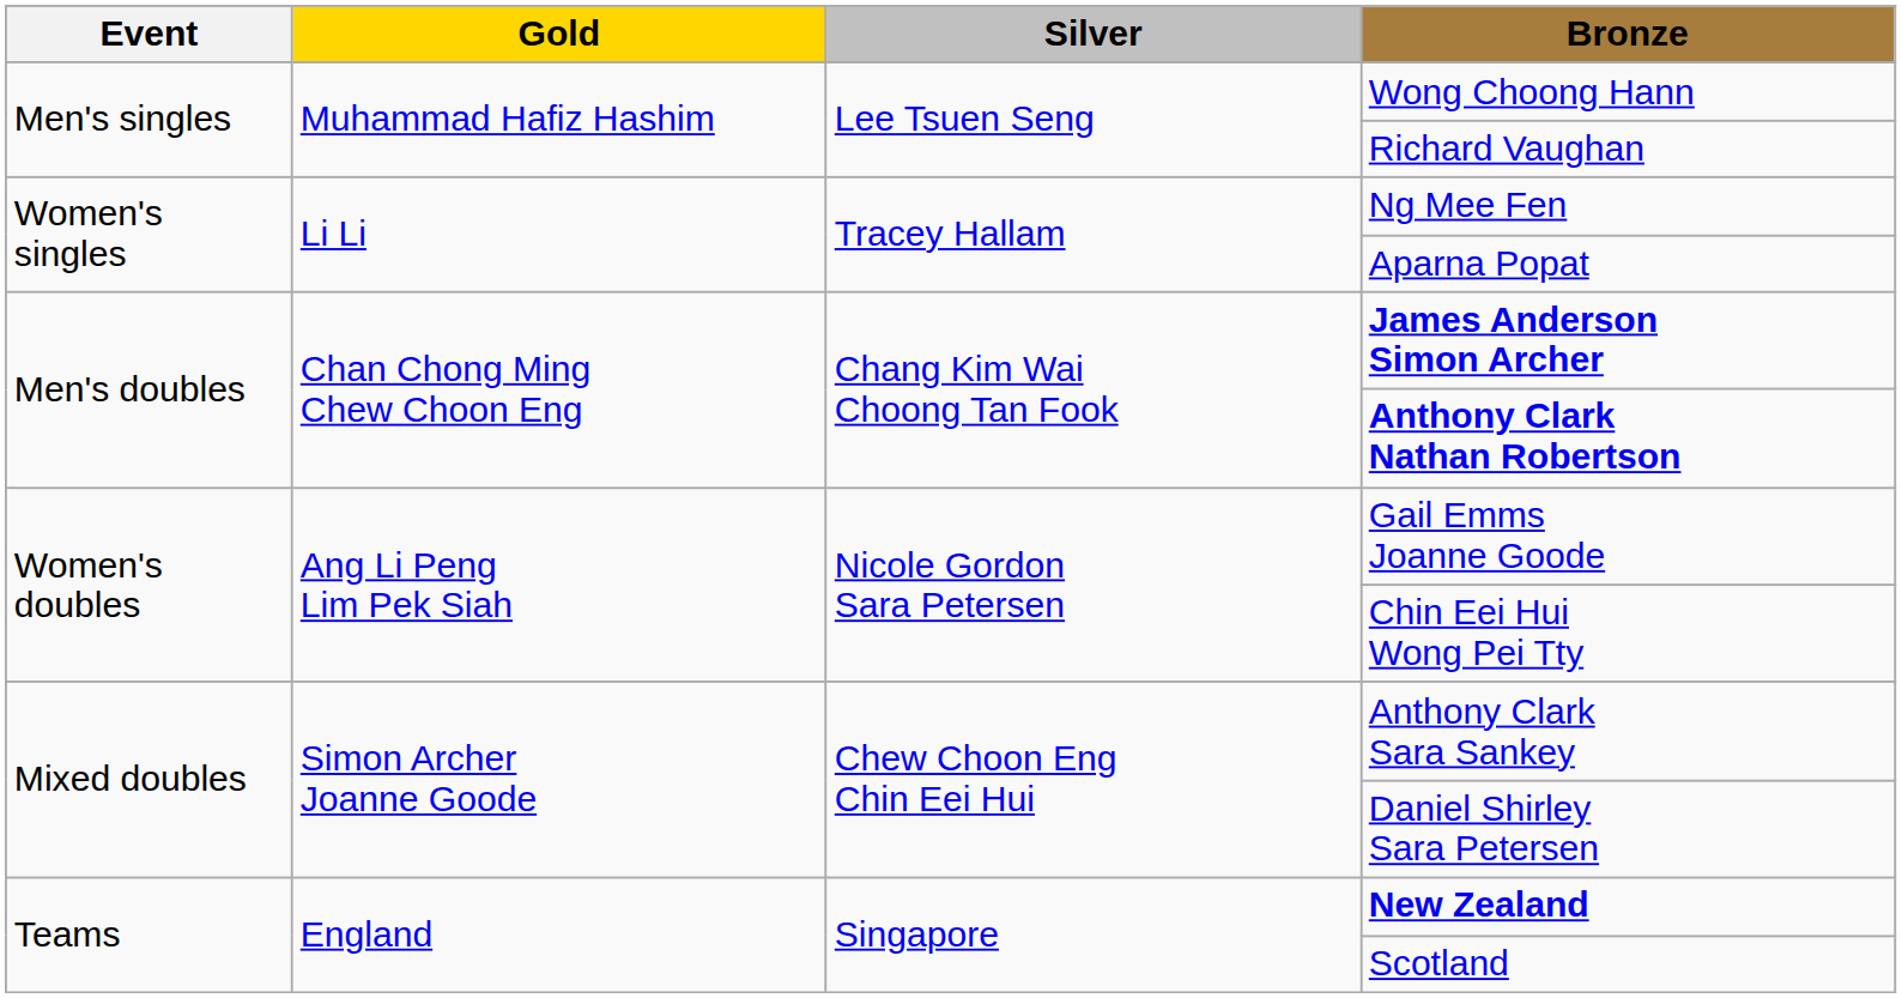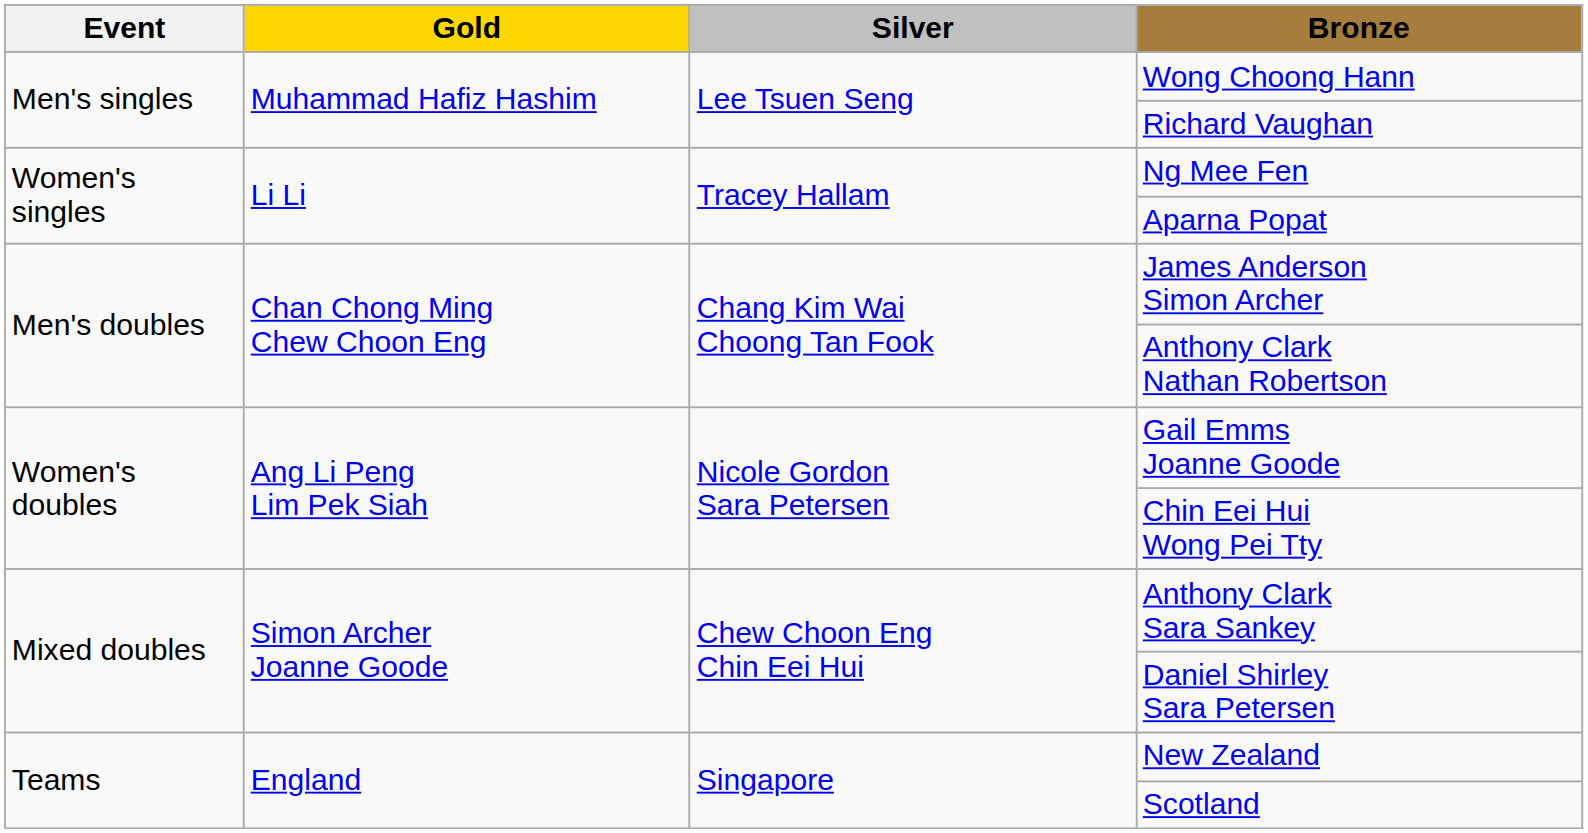 <table class="wikitable" style="width:95%;">
 <tr>
 <th style="width:15%;"><strong>Event</strong></th>
 <th style="background:gold; width:28%;">Gold</th>
 <th style="background:silver; width:28%;">Silver</th>
 <th style="background:#a67d3d; width:28%;">Bronze</th>
 </tr>
 <tr>
 <td rowspan="2">Men's singles</td>
 <td rowspan="2"> <a href='#'>Muhammad Hafiz Hashim</a></td>
 <td rowspan="2"> <a href='#'>Lee Tsuen Seng</a></td>
 <td> <a href='#'>Wong Choong Hann</a></td>
 </tr>
 <tr>
 <td> <a href='#'>Richard Vaughan</a></td>
 </tr>
 <tr>
 <td rowspan="2">Women's singles</td>
 <td rowspan="2"> <a href='#'>Li Li</a></td>
 <td rowspan="2"> <a href='#'>Tracey Hallam</a></td>
 <td> <a href='#'>Ng Mee Fen</a></td>
 </tr>
 <tr>
 <td> <a href='#'>Aparna Popat</a></td>
 </tr>
 <tr>
 <td rowspan="2">Men's doubles</td>
 <td rowspan="2"> <a href='#'>Chan Chong Ming</a> <br>  <a href='#'>Chew Choon Eng</a></td>
 <td rowspan="2"> <a href='#'>Chang Kim Wai</a> <br>  <a href='#'>Choong Tan Fook</a></td>
-<td><strong> <a href='#'>James Anderson</a> <br>  <a href='#'>Simon Archer</a></strong></td>
+<td> <a href='#'>James Anderson</a> <br>  <a href='#'>Simon Archer</a></td>
 </tr>
 <tr>
-<td><strong> <a href='#'>Anthony Clark</a> <br>  <a href='#'>Nathan Robertson</a></strong></td>
+<td> <a href='#'>Anthony Clark</a> <br>  <a href='#'>Nathan Robertson</a></td>
 </tr>
 <tr>
 <td rowspan="2">Women's doubles</td>
 <td rowspan="2"> <a href='#'>Ang Li Peng</a> <br>  <a href='#'>Lim Pek Siah</a></td>
 <td rowspan="2"> <a href='#'>Nicole Gordon</a> <br>  <a href='#'>Sara Petersen</a></td>
 <td> <a href='#'>Gail Emms</a> <br>  <a href='#'>Joanne Goode</a></td>
 </tr>
 <tr>
 <td> <a href='#'>Chin Eei Hui</a> <br>  <a href='#'>Wong Pei Tty</a></td>
 </tr>
 <tr>
 <td rowspan="2">Mixed doubles</td>
 <td rowspan="2"> <a href='#'>Simon Archer</a> <br>  <a href='#'>Joanne Goode</a></td>
 <td rowspan="2"> <a href='#'>Chew Choon Eng</a> <br>  <a href='#'>Chin Eei Hui</a></td>
 <td> <a href='#'>Anthony Clark</a> <br>  <a href='#'>Sara Sankey</a></td>
 </tr>
 <tr>
 <td> <a href='#'>Daniel Shirley</a> <br>  <a href='#'>Sara Petersen</a></td>
 </tr>
 <tr>
 <td rowspan="2">Teams</td>
 <td rowspan="2"> <a href='#'>England</a></td>
 <td rowspan="2"> <a href='#'>Singapore</a></td>
-<td><strong> <a href='#'>New Zealand</a></strong></td>
+<td> <a href='#'>New Zealand</a></td>
 </tr>
 <tr>
 <td> <a href='#'>Scotland</a></td>
 </tr>
 </table>
